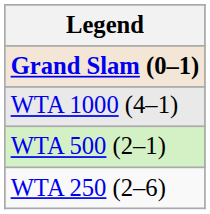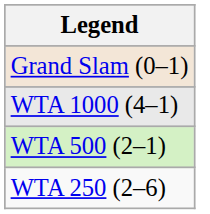 <table class="wikitable" style="font-size:90%;">
 <tr>
 <th>Legend</th>
 </tr>
 <tr>
-<td style="background:#f3e6d7;"><strong><a href='#'>Grand Slam</a> (0–1)</strong></td>
+<td style="background:#f3e6d7;"><a href='#'>Grand Slam</a> (0–1)</td>
 </tr>
 <tr>
 <td style="background:#e9e9e9;"><a href='#'>WTA 1000</a> (4–1)</td>
 </tr>
 <tr>
 <td style="background:#d4f1c5;"><a href='#'>WTA 500</a> (2–1)</td>
 </tr>
 <tr>
 <td><a href='#'>WTA 250</a> (2–6)</td>
 </tr>
 </table>
